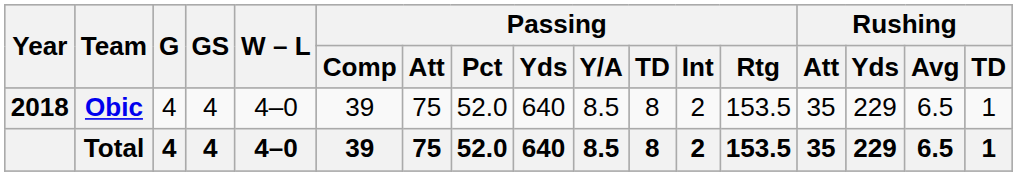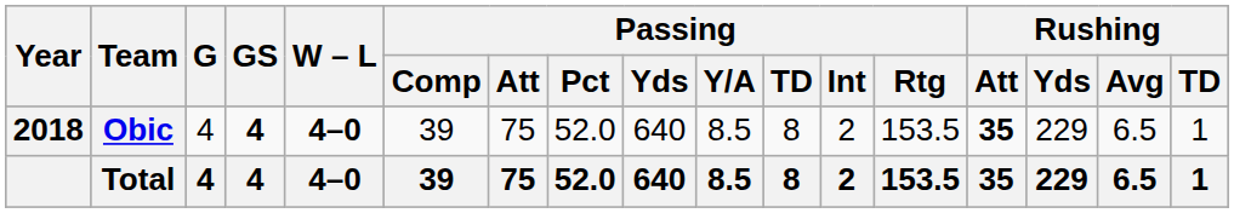 <table class="wikitable" style="text-align: center;">
 <tr>
 <th rowspan="2">Year</th>
 <th rowspan="2">Team</th>
 <th rowspan="2">G</th>
 <th rowspan="2">GS</th>
 <th rowspan="2">W – L</th>
 <th colspan="8">Passing</th>
 <th colspan="4">Rushing</th>
 </tr>
 <tr>
 <th>Comp</th>
 <th>Att</th>
 <th>Pct</th>
 <th>Yds</th>
 <th>Y/A</th>
 <th>TD</th>
 <th>Int</th>
 <th>Rtg</th>
 <th>Att</th>
 <th>Yds</th>
 <th>Avg</th>
 <th>TD</th>
 </tr>
 <tr>
 <th>2018</th>
 <th><a href='#'>Obic</a></th>
 <td>4</td>
-<td>4</td>
-<td>4–0</td>
+<td><strong>4</strong></td>
+<td><strong>4–0</strong></td>
 <td>39</td>
 <td>75</td>
 <td>52.0</td>
 <td>640</td>
 <td>8.5</td>
 <td>8</td>
 <td>2</td>
 <td>153.5</td>
-<td>35</td>
+<td><strong>35</strong></td>
 <td>229</td>
 <td>6.5</td>
 <td>1</td>
 </tr>
 <tr>
 <th></th>
 <th>Total</th>
 <th>4</th>
 <th>4</th>
 <th>4–0</th>
 <th>39</th>
 <th>75</th>
 <th>52.0</th>
 <th>640</th>
 <th>8.5</th>
 <th>8</th>
 <th>2</th>
 <th>153.5</th>
 <th>35</th>
 <th>229</th>
 <th>6.5</th>
 <th>1</th>
 </tr>
 </table>
